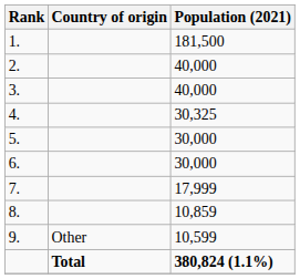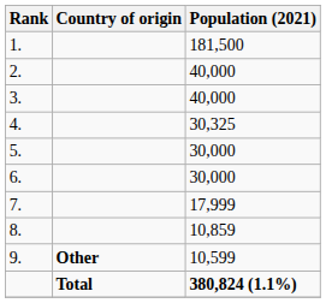 <table class="wikitable">
 <tr>
 <th>Rank</th>
 <th>Country of origin</th>
 <th>Population (2021)</th>
 </tr>
 <tr>
 <td>1.</td>
 <td></td>
 <td>181,500</td>
 </tr>
 <tr>
 <td>2.</td>
 <td></td>
 <td>40,000</td>
 </tr>
 <tr>
 <td>3.</td>
 <td></td>
 <td>40,000</td>
 </tr>
 <tr>
 <td>4.</td>
 <td></td>
 <td>30,325</td>
 </tr>
 <tr>
 <td>5.</td>
 <td></td>
 <td>30,000</td>
 </tr>
 <tr>
 <td>6.</td>
 <td></td>
 <td>30,000</td>
 </tr>
 <tr>
 <td>7.</td>
 <td></td>
 <td>17,999</td>
 </tr>
 <tr>
 <td>8.</td>
 <td></td>
 <td>10,859</td>
 </tr>
 <tr>
 <td>9.</td>
-<td>Other</td>
+<td><strong>Other</strong></td>
 <td>10,599</td>
 </tr>
 <tr>
 <td></td>
 <td><strong>Total</strong></td>
 <td><strong>380,824 (1.1%)</strong></td>
 </tr>
 <tr>
 </tr>
 </table>
